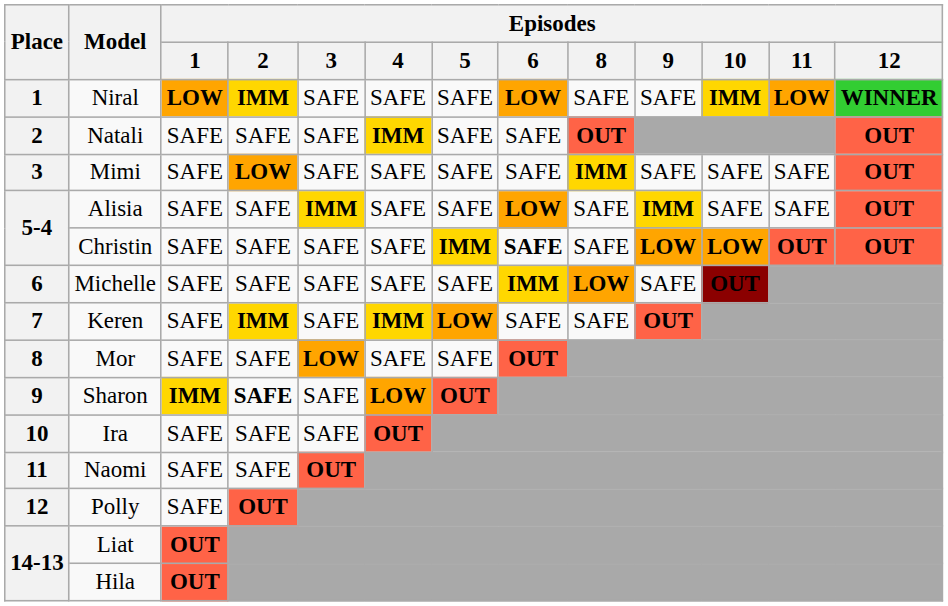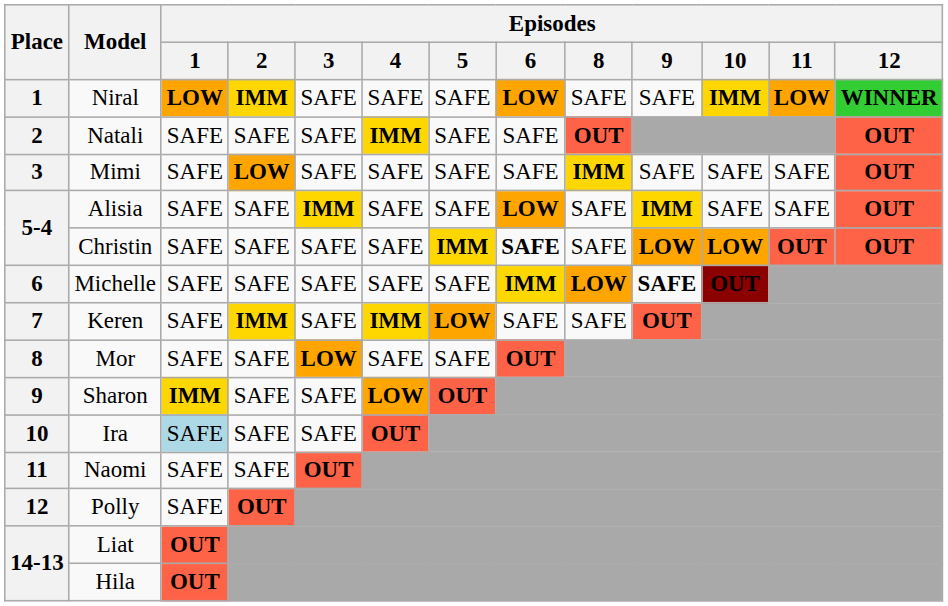 <table class="wikitable" style="text-align:center; font-size:92%">
 <tr>
 <th rowspan="2">Place</th>
 <th rowspan="2">Model</th>
 <th colspan="20">Episodes</th>
 </tr>
 <tr>
 <th>1</th>
 <th>2</th>
 <th>3</th>
 <th>4</th>
 <th>5</th>
 <th>6</th>
 <th>8</th>
 <th>9</th>
 <th>10</th>
 <th>11</th>
 <th>12</th>
 </tr>
 <tr>
 <th>1</th>
 <td>Niral</td>
 <td style="background:orange;"><strong>LOW</strong></td>
 <td style="background:gold;"><strong>IMM</strong></td>
 <td>SAFE</td>
 <td>SAFE</td>
 <td>SAFE</td>
 <td style="background:orange;"><strong>LOW</strong></td>
 <td>SAFE</td>
 <td>SAFE</td>
 <td style="background:gold;"><strong>IMM</strong></td>
 <td style="background:orange;"><strong>LOW</strong></td>
 <td style="background:limegreen;"><strong>WINNER</strong></td>
 </tr>
 <tr>
 <th>2</th>
 <td>Natali</td>
 <td>SAFE</td>
 <td>SAFE</td>
 <td>SAFE</td>
 <td style="background:gold;"><strong>IMM</strong></td>
 <td>SAFE</td>
 <td>SAFE</td>
 <td style="background:tomato;"><strong>OUT</strong></td>
 <td colspan="3" style="background:darkgrey"></td>
 <td style="background:tomato;"><strong>OUT</strong></td>
 </tr>
 <tr>
 <th>3</th>
 <td>Mimi</td>
 <td>SAFE</td>
 <td style="background:orange;"><strong>LOW</strong></td>
 <td>SAFE</td>
 <td>SAFE</td>
 <td>SAFE</td>
 <td>SAFE</td>
 <td style="background:gold;"><strong>IMM</strong></td>
 <td>SAFE</td>
 <td>SAFE</td>
 <td>SAFE</td>
 <td style="background:tomato;"><strong>OUT</strong></td>
 </tr>
 <tr>
 <th rowspan=2>5-4</th>
 <td>Alisia</td>
 <td>SAFE</td>
 <td>SAFE</td>
 <td style="background:gold;"><strong>IMM</strong></td>
 <td>SAFE</td>
 <td>SAFE</td>
 <td style="background:orange;"><strong>LOW</strong></td>
 <td>SAFE</td>
 <td style="background:gold;"><strong>IMM</strong></td>
 <td>SAFE</td>
 <td>SAFE</td>
 <td style="background:tomato;"><strong>OUT</strong></td>
 </tr>
 <tr>
 <td>Christin</td>
 <td>SAFE</td>
 <td>SAFE</td>
 <td>SAFE</td>
 <td>SAFE</td>
 <td style="background:gold;"><strong>IMM</strong></td>
 <td><strong>SAFE</strong></td>
 <td>SAFE</td>
 <td style="background:orange;"><strong>LOW</strong></td>
 <td style="background:orange;"><strong>LOW</strong></td>
 <td style="background:tomato;"><strong>OUT</strong></td>
 <td style="background:tomato;"><strong>OUT</strong></td>
 </tr>
 <tr>
 <th>6</th>
 <td>Michelle</td>
 <td>SAFE</td>
 <td>SAFE</td>
 <td>SAFE</td>
 <td>SAFE</td>
 <td>SAFE</td>
 <td style="background:gold;"><strong>IMM</strong></td>
 <td style="background:orange;"><strong>LOW</strong></td>
-<td>SAFE</td>
+<td><strong>SAFE</strong></td>
 <td style="background:darkred;"><span><strong>OUT</strong></span></td>
 <td colspan="25" style="background:darkgrey"></td>
 </tr>
 <tr>
 <th>7</th>
 <td>Keren</td>
 <td>SAFE</td>
 <td style="background:gold;"><strong>IMM</strong></td>
 <td>SAFE</td>
 <td style="background:gold;"><strong>IMM</strong></td>
 <td style="background:orange;"><strong>LOW</strong></td>
 <td>SAFE</td>
 <td>SAFE</td>
 <td style="background:tomato;"><strong>OUT</strong></td>
 <td colspan="25" style="background:darkgrey"></td>
 </tr>
 <tr>
 <th>8</th>
 <td>Mor</td>
 <td>SAFE</td>
 <td>SAFE</td>
 <td style="background:orange;"><strong>LOW</strong></td>
 <td>SAFE</td>
 <td>SAFE</td>
 <td style="background:tomato;"><strong>OUT</strong></td>
 <td colspan="25" style="background:darkgrey"></td>
 </tr>
 <tr>
 <th>9</th>
 <td>Sharon</td>
 <td style="background:gold;"><strong>IMM</strong></td>
-<td><strong>SAFE</strong></td>
+<td>SAFE</td>
 <td>SAFE</td>
 <td style="background:orange;"><strong>LOW</strong></td>
 <td style="background:tomato;"><strong>OUT</strong></td>
 <td colspan="25" style="background:darkgrey"></td>
 </tr>
 <tr>
 <th>10</th>
 <td>Ira</td>
-<td>SAFE</td>
+<td style="background: lightblue;">SAFE</td>
 <td>SAFE</td>
 <td>SAFE</td>
 <td style="background:tomato;"><strong>OUT</strong></td>
 <td colspan="25" style="background:darkgrey"></td>
 </tr>
 <tr>
 <th>11</th>
 <td>Naomi</td>
 <td>SAFE</td>
 <td>SAFE</td>
 <td style="background:tomato;"><strong>OUT</strong></td>
 <td colspan="25" style="background:darkgrey"></td>
 </tr>
 <tr>
 <th>12</th>
 <td>Polly</td>
 <td>SAFE</td>
 <td style="background:tomato;"><strong>OUT</strong></td>
 <td colspan="25" style="background:darkgrey"></td>
 </tr>
 <tr>
 <th rowspan=2>14-13</th>
 <td>Liat</td>
 <td style="background:tomato;"><strong>OUT</strong></td>
 <td colspan="25" style="background:darkgrey"></td>
 </tr>
 <tr>
 <td>Hila</td>
 <td style="background:tomato;"><strong>OUT</strong></td>
 <td colspan="25" style="background:darkgrey"></td>
 </tr>
 </table>
